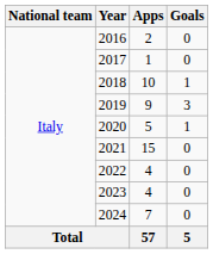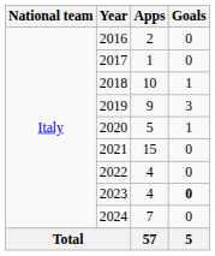 <table class="wikitable" style="text-align: center;">
 <tr>
 <th>National team</th>
 <th>Year</th>
 <th>Apps</th>
 <th>Goals</th>
 </tr>
 <tr>
 <td rowspan="9"><a href='#'>Italy</a></td>
 <td>2016</td>
 <td>2</td>
 <td>0</td>
 </tr>
 <tr>
 <td>2017</td>
 <td>1</td>
 <td>0</td>
 </tr>
 <tr>
 <td>2018</td>
 <td>10</td>
 <td>1</td>
 </tr>
 <tr>
 <td>2019</td>
 <td>9</td>
 <td>3</td>
 </tr>
 <tr>
 <td>2020</td>
 <td>5</td>
 <td>1</td>
 </tr>
 <tr>
 <td>2021</td>
 <td>15</td>
 <td>0</td>
 </tr>
 <tr>
 <td>2022</td>
 <td>4</td>
 <td>0</td>
 </tr>
 <tr>
 <td>2023</td>
 <td>4</td>
-<td>0</td>
+<td><strong>0</strong></td>
 </tr>
 <tr>
 <td>2024</td>
 <td>7</td>
 <td>0</td>
 </tr>
 <tr>
 <th colspan="2">Total</th>
 <th>57</th>
 <th>5</th>
 </tr>
 </table>
